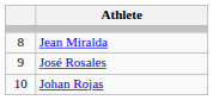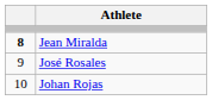 <table class="wikitable">
 <tr>
 <th width="30"></th>
 <th width="200">Athlete</th>
 </tr>
 <tr bgcolor="C0C0C0">
 <td colspan=2></td>
 </tr>
 <tr>
-<td align="center">8</td>
+<td align="center"><strong>8</strong></td>
 <td> <a href='#'>Jean Miralda</a></td>
 </tr>
 <tr>
 <td align="center">9</td>
 <td> <a href='#'>José Rosales</a></td>
 </tr>
 <tr>
 <td align="center">10</td>
 <td> <a href='#'>Johan Rojas</a></td>
 </tr>
 </table>
